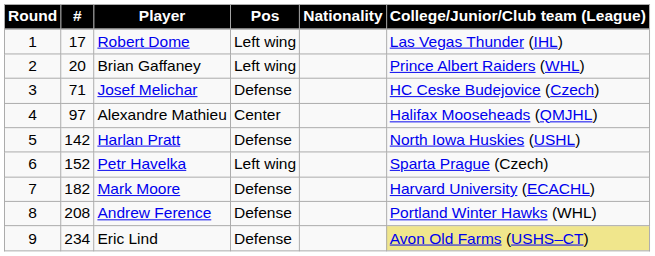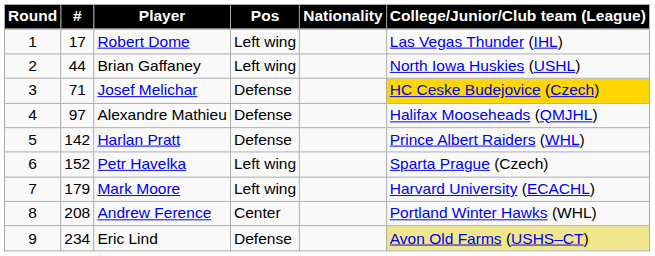 <table class="wikitable">
 <tr>
 <th style="color:white; background:#000000; ">Round</th>
 <th style="color:white; background:#000000; ">#</th>
 <th style="color:white; background:#000000; ">Player</th>
 <th style="color:white; background:#000000; ">Pos</th>
 <th style="color:white; background:#000000; ">Nationality</th>
 <th style="color:white; background:#000000; ">College/Junior/Club team (League)</th>
 </tr>
 <tr>
 <td style="text-align:center">1</td>
 <td style="text-align:center">17</td>
 <td><a href='#'>Robert Dome</a></td>
 <td>Left wing</td>
 <td></td>
 <td><a href='#'>Las Vegas Thunder</a> (<a href='#'>IHL</a>)</td>
 </tr>
 <tr>
 <td style="text-align:center">2</td>
-<td style="text-align:center">20</td>
+<td style="text-align:center">44</td>
 <td>Brian Gaffaney</td>
 <td>Left wing</td>
 <td></td>
-<td><a href='#'>Prince Albert Raiders</a> (<a href='#'>WHL</a>)</td>
+<td><a href='#'>North Iowa Huskies</a> (<a href='#'>USHL</a>)</td>
 </tr>
 <tr>
 <td style="text-align:center">3</td>
 <td style="text-align:center">71</td>
 <td><a href='#'>Josef Melichar</a></td>
 <td>Defense</td>
 <td></td>
-<td><a href='#'>HC Ceske Budejovice</a> (<a href='#'>Czech</a>)</td>
+<td style="background: gold;"><a href='#'>HC Ceske Budejovice</a> (<a href='#'>Czech</a>)</td>
 </tr>
 <tr>
 <td style="text-align:center">4</td>
 <td style="text-align:center">97</td>
 <td>Alexandre Mathieu</td>
-<td>Center</td>
+<td>Defense</td>
 <td></td>
 <td><a href='#'>Halifax Mooseheads</a> (<a href='#'>QMJHL</a>)</td>
 </tr>
 <tr>
 <td style="text-align:center">5</td>
 <td style="text-align:center">142</td>
 <td><a href='#'>Harlan Pratt</a></td>
 <td>Defense</td>
 <td></td>
-<td><a href='#'>North Iowa Huskies</a> (<a href='#'>USHL</a>)</td>
+<td><a href='#'>Prince Albert Raiders</a> (<a href='#'>WHL</a>)</td>
 </tr>
 <tr>
 <td style="text-align:center">6</td>
 <td style="text-align:center">152</td>
 <td><a href='#'>Petr Havelka</a></td>
 <td>Left wing</td>
 <td></td>
 <td><a href='#'>Sparta Prague</a> (Czech)</td>
 </tr>
 <tr>
 <td style="text-align:center">7</td>
-<td style="text-align:center">182</td>
+<td style="text-align:center">179</td>
 <td><a href='#'>Mark Moore</a></td>
-<td>Defense</td>
+<td>Left wing</td>
 <td></td>
 <td><a href='#'>Harvard University</a> (<a href='#'>ECACHL</a>)</td>
 </tr>
 <tr>
 <td style="text-align:center">8</td>
 <td style="text-align:center">208</td>
 <td><a href='#'>Andrew Ference</a></td>
-<td>Defense</td>
+<td>Center</td>
 <td></td>
 <td><a href='#'>Portland Winter Hawks</a> (WHL)</td>
 </tr>
 <tr>
 <td style="text-align:center">9</td>
 <td style="text-align:center">234</td>
 <td>Eric Lind</td>
 <td>Defense</td>
 <td></td>
 <td style="background: khaki;"><a href='#'>Avon Old Farms</a> (<a href='#'>USHS–CT</a>)</td>
 </tr>
 </table>
